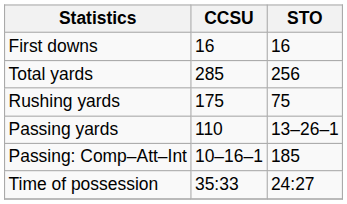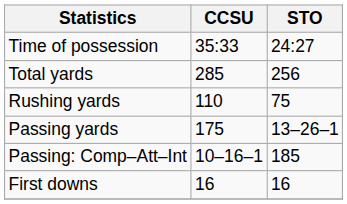 <table class="wikitable" style="float: left;">
 <tr>
 <th>Statistics</th>
 <th>CCSU</th>
 <th>STO</th>
 </tr>
 <tr>
-<td>First downs</td>
-<td>16</td>
-<td>16</td>
+<td>Time of possession</td>
+<td>35:33</td>
+<td>24:27</td>
 </tr>
 <tr>
 <td>Total yards</td>
 <td>285</td>
 <td>256</td>
 </tr>
 <tr>
 <td>Rushing yards</td>
-<td>175</td>
+<td>110</td>
 <td>75</td>
 </tr>
 <tr>
 <td>Passing yards</td>
-<td>110</td>
+<td>175</td>
 <td>13–26–1</td>
 </tr>
 <tr>
 <td>Passing: Comp–Att–Int</td>
 <td>10–16–1</td>
 <td>185</td>
 </tr>
 <tr>
-<td>Time of possession</td>
-<td>35:33</td>
-<td>24:27</td>
+<td>First downs</td>
+<td>16</td>
+<td>16</td>
 </tr>
 <tr>
 </tr>
 </table>
